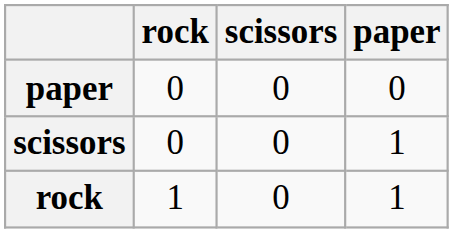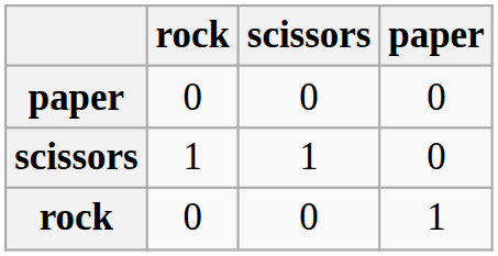 <table class="wikitable" style="text-align:center;">
 <tr>
 <th></th>
 <th>rock</th>
 <th>scissors</th>
 <th>paper</th>
 </tr>
 <tr>
 <th>paper</th>
 <td>0</td>
 <td>0</td>
 <td>0</td>
 </tr>
 <tr>
 <th>scissors</th>
+<td>1</td>
+<td>1</td>
+<td>0</td>
+</tr>
+<tr>
+<th>rock</th>
 <td>0</td>
 <td>0</td>
 <td>1</td>
 </tr>
-<tr>
-<th>rock</th>
-<td>1</td>
-<td>0</td>
-<td>1</td>
-</tr>
 </table>
